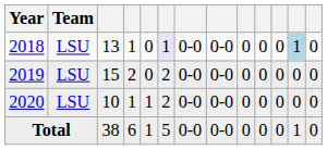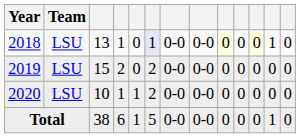 <table class="wikitable sortable" style="text-align:center;">
 <tr>
 <th>Year</th>
 <th>Team</th>
 <th></th>
 <th></th>
 <th></th>
 <th></th>
 <th></th>
 <th></th>
 <th></th>
 <th></th>
 <th></th>
 <th></th>
 <th></th>
 </tr>
 <tr>
 <td><a href='#'>2018</a></td>
 <td><a href='#'>LSU</a></td>
 <td>13</td>
 <td>1</td>
 <td>0</td>
 <td style="background: lavender;">1</td>
 <td>0-0</td>
 <td>0-0</td>
+<td style="background: lightyellow;">0</td>
 <td>0</td>
-<td>0</td>
-<td>0</td>
-<td style="background: lightblue;">1</td>
+<td style="background: lightyellow;">0</td>
+<td>1</td>
 <td>0</td>
 </tr>
 <tr class="sortbottom" style="background:#eee;">
 <td><a href='#'>2019</a></td>
 <td><a href='#'>LSU</a></td>
 <td>15</td>
 <td>2</td>
 <td>0</td>
 <td>2</td>
 <td>0-0</td>
 <td>0-0</td>
 <td>0</td>
 <td>0</td>
 <td>0</td>
 <td>0</td>
 <td>0</td>
 </tr>
 <tr class="sortbottom" style="background:#eee;">
 <td><a href='#'>2020</a></td>
 <td><a href='#'>LSU</a></td>
 <td>10</td>
 <td>1</td>
 <td>1</td>
 <td>2</td>
 <td>0-0</td>
 <td>0-0</td>
 <td>0</td>
 <td>0</td>
 <td>0</td>
 <td>0</td>
 <td>0</td>
 </tr>
 <tr class="sortbottom" style="background:#eee;">
 <td colspan="2"><strong>Total</strong></td>
 <td>38</td>
 <td>6</td>
 <td>1</td>
 <td>5</td>
 <td>0-0</td>
 <td>0-0</td>
 <td>0</td>
 <td>0</td>
 <td>0</td>
 <td>1</td>
 <td>0</td>
 </tr>
 </table>
